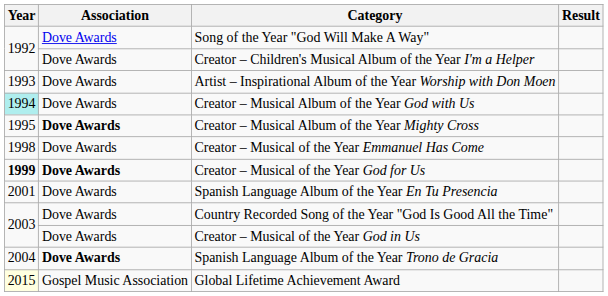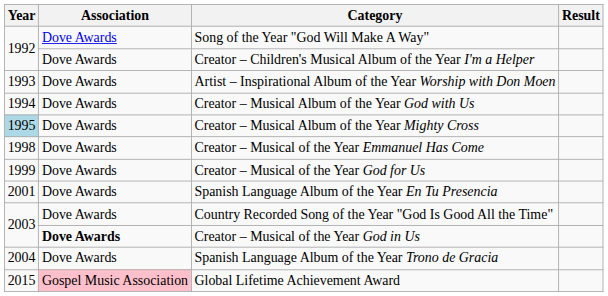 <table class="wikitable">
 <tr>
 <th>Year</th>
 <th>Association</th>
 <th>Category</th>
 <th>Result<br></th>
 </tr>
 <tr>
 <td rowspan="2">1992</td>
 <td><a href='#'>Dove Awards</a></td>
 <td>Song of the Year "God Will Make A Way"</td>
 <td></td>
 </tr>
 <tr>
 <td>Dove Awards</td>
 <td>Creator – Children's Musical Album of the Year <em>I'm a Helper</em></td>
 <td></td>
 </tr>
 <tr>
 <td>1993</td>
 <td>Dove Awards</td>
 <td>Artist – Inspirational Album of the Year <em>Worship with Don Moen</em></td>
 <td></td>
 </tr>
 <tr>
-<td style="background: paleturquoise;">1994</td>
+<td>1994</td>
 <td>Dove Awards</td>
 <td>Creator – Musical Album of the Year <em>God with Us</em></td>
 <td></td>
 </tr>
 <tr>
-<td>1995</td>
-<td><strong>Dove Awards</strong></td>
+<td style="background: lightblue;">1995</td>
+<td>Dove Awards</td>
 <td>Creator – Musical Album of the Year <em>Mighty Cross</em></td>
 <td></td>
 </tr>
 <tr>
 <td>1998</td>
 <td>Dove Awards</td>
 <td>Creator – Musical of the Year <em>Emmanuel Has Come</em></td>
 <td></td>
 </tr>
 <tr>
-<td><strong>1999</strong></td>
-<td><strong>Dove Awards</strong></td>
+<td>1999</td>
+<td>Dove Awards</td>
 <td>Creator – Musical of the Year <em>God for Us</em></td>
 <td></td>
 </tr>
 <tr>
 <td>2001</td>
 <td>Dove Awards</td>
 <td>Spanish Language Album of the Year <em>En Tu Presencia</em></td>
 <td></td>
 </tr>
 <tr>
 <td rowspan="2">2003</td>
 <td>Dove Awards</td>
 <td>Country Recorded Song of the Year "God Is Good All the Time"</td>
 <td></td>
 </tr>
 <tr>
-<td>Dove Awards</td>
+<td><strong>Dove Awards</strong></td>
 <td>Creator – Musical of the Year <em>God in Us</em></td>
 <td></td>
 </tr>
 <tr>
 <td>2004</td>
-<td><strong>Dove Awards</strong></td>
+<td>Dove Awards</td>
 <td>Spanish Language Album of the Year <em>Trono de Gracia</em></td>
 <td></td>
 </tr>
 <tr>
-<td style="background: lightyellow;">2015</td>
-<td>Gospel Music Association</td>
+<td>2015</td>
+<td style="background: pink;">Gospel Music Association</td>
 <td>Global Lifetime Achievement Award</td>
 <td></td>
 </tr>
 </table>
